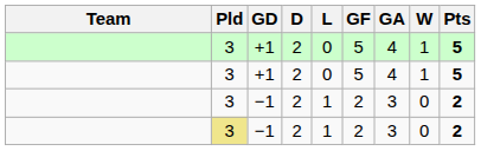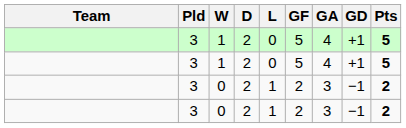 <table class="wikitable" style="text-align:center;">
 <tr>
 <th width=180>Team</th>
 <th width=20>Pld</th>
-<th width=20>GD</th>
+<th width=20>W</th>
 <th width=20>D</th>
 <th width=20>L</th>
 <th width=20>GF</th>
 <th width=20>GA</th>
-<th width=20>W</th>
+<th width=20>GD</th>
 <th width=20>Pts</th>
 </tr>
 <tr bgcolor="ccffcc">
 <td align="left"></td>
 <td>3</td>
-<td>+1</td>
+<td>1</td>
 <td>2</td>
 <td>0</td>
 <td>5</td>
 <td>4</td>
-<td>1</td>
+<td>+1</td>
 <td><strong>5</strong></td>
 </tr>
 <tr>
 <td align="left"></td>
 <td>3</td>
-<td>+1</td>
+<td>1</td>
 <td>2</td>
 <td>0</td>
 <td>5</td>
 <td>4</td>
-<td>1</td>
+<td>+1</td>
 <td><strong>5</strong></td>
 </tr>
 <tr>
 <td align="left"></td>
 <td>3</td>
-<td>−1</td>
+<td>0</td>
 <td>2</td>
 <td>1</td>
 <td>2</td>
 <td>3</td>
-<td>0</td>
+<td>−1</td>
 <td><strong>2</strong></td>
 </tr>
 <tr>
 <td align="left"></td>
-<td style="background: khaki;">3</td>
-<td>−1</td>
+<td>3</td>
+<td>0</td>
 <td>2</td>
 <td>1</td>
 <td>2</td>
 <td>3</td>
-<td>0</td>
+<td>−1</td>
 <td><strong>2</strong></td>
 </tr>
 </table>
